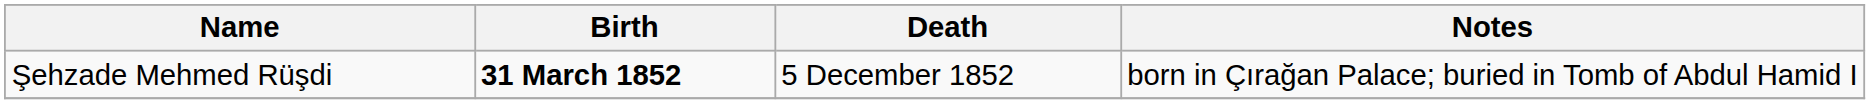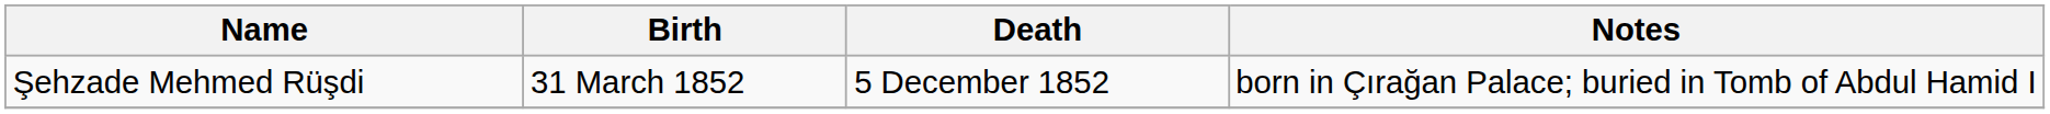 <table class="wikitable">
 <tr>
 <th>Name</th>
 <th>Birth</th>
 <th>Death</th>
 <th style="width:40%;">Notes</th>
 </tr>
 <tr>
 <td>Şehzade Mehmed Rüşdi</td>
-<td><strong>31 March 1852</strong></td>
+<td>31 March 1852</td>
 <td>5 December 1852</td>
 <td>born in Çırağan Palace; buried in Tomb of Abdul Hamid I</td>
 </tr>
 <tr>
 </tr>
 </table>
